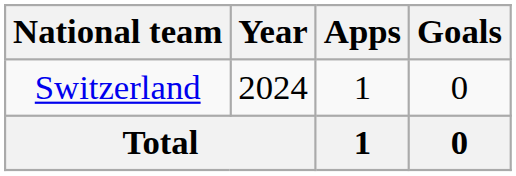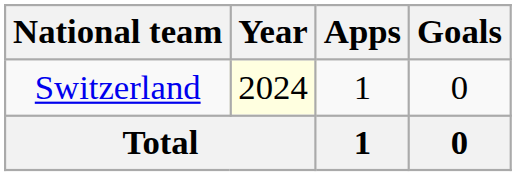 <table class="wikitable" style="text-align:center">
 <tr>
 <th>National team</th>
 <th>Year</th>
 <th>Apps</th>
 <th>Goals</th>
 </tr>
 <tr>
 <td><a href='#'>Switzerland</a></td>
-<td>2024</td>
+<td style="background: lightyellow;">2024</td>
 <td>1</td>
 <td>0</td>
 </tr>
 <tr>
 <th colspan="2">Total</th>
 <th>1</th>
 <th>0</th>
 </tr>
 </table>
